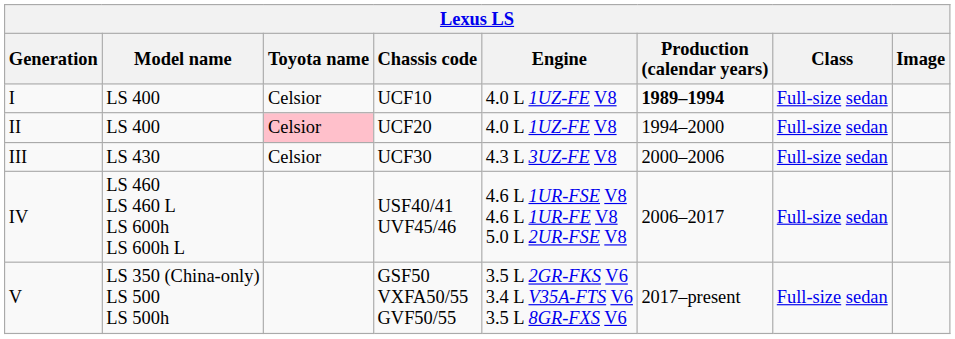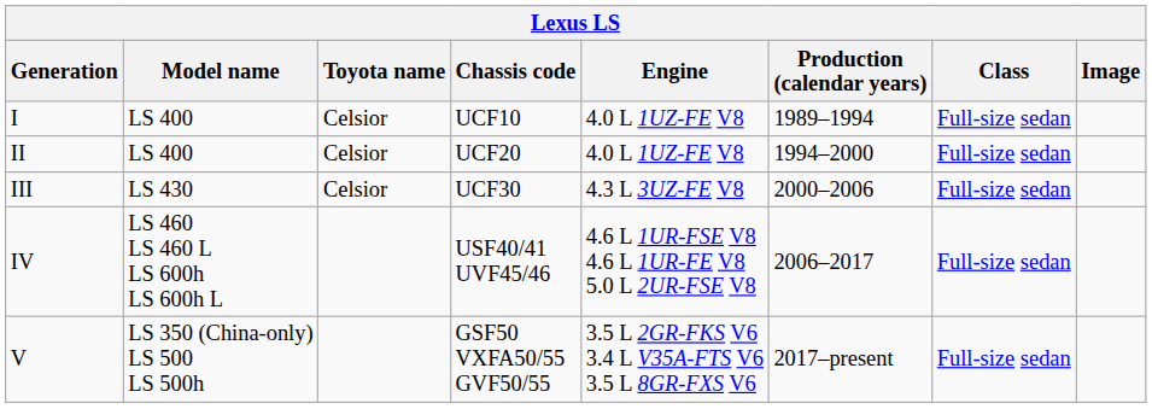 <table class="wikitable collapsible" style="font-size:97% style="width:90%; text-align:center">
 <tr>
 <th colspan=8 align=left><a href='#'>Lexus LS</a></th>
 </tr>
 <tr>
 <th>Generation</th>
 <th>Model name</th>
 <th>Toyota name</th>
 <th>Chassis code</th>
 <th>Engine</th>
 <th>Production<br>(calendar years)</th>
 <th>Class</th>
 <th>Image</th>
 </tr>
 <tr>
 <td>I</td>
 <td>LS 400</td>
 <td>Celsior</td>
 <td>UCF10</td>
 <td>4.0 L <em><a href='#'>1UZ-FE</a></em> <a href='#'>V8</a></td>
-<td><strong>1989–1994</strong></td>
+<td>1989–1994</td>
 <td><a href='#'>Full-size</a> <a href='#'>sedan</a></td>
 <td></td>
 </tr>
 <tr>
 <td>II</td>
 <td>LS 400</td>
-<td style="background: pink;">Celsior</td>
+<td>Celsior</td>
 <td>UCF20</td>
 <td>4.0 L <em><a href='#'>1UZ-FE</a></em> <a href='#'>V8</a></td>
 <td>1994–2000</td>
 <td><a href='#'>Full-size</a> <a href='#'>sedan</a></td>
 <td></td>
 </tr>
 <tr>
 <td>III</td>
 <td>LS 430</td>
 <td>Celsior</td>
 <td>UCF30</td>
 <td>4.3 L <em><a href='#'>3UZ-FE</a></em> <a href='#'>V8</a></td>
 <td>2000–2006</td>
 <td><a href='#'>Full-size</a> <a href='#'>sedan</a></td>
 <td></td>
 </tr>
 <tr>
 <td>IV</td>
 <td>LS 460<br>LS 460 L<br>LS 600h<br>LS 600h L</td>
 <td></td>
 <td>USF40/41<br>UVF45/46</td>
 <td>4.6 L <em><a href='#'>1UR-FSE</a></em> <a href='#'>V8</a><br>4.6 L <em><a href='#'>1UR-FE</a></em> <a href='#'>V8</a><br>5.0 L <em><a href='#'>2UR-FSE</a></em> <a href='#'>V8</a></td>
 <td>2006–2017</td>
 <td><a href='#'>Full-size</a> <a href='#'>sedan</a></td>
 <td></td>
 </tr>
 <tr>
 <td>V</td>
 <td>LS 350 (China-only)<br>LS 500<br>LS 500h</td>
 <td></td>
 <td>GSF50<br>VXFA50/55<br>GVF50/55</td>
 <td>3.5 L <em><a href='#'>2GR-FKS</a></em> <a href='#'>V6</a><br>3.4 L <em><a href='#'>V35A-FTS</a></em> <a href='#'>V6</a><br>3.5 L <em><a href='#'>8GR-FXS</a></em> <a href='#'>V6</a></td>
 <td>2017–present</td>
 <td><a href='#'>Full-size</a> <a href='#'>sedan</a></td>
 <td></td>
 </tr>
 </table>
